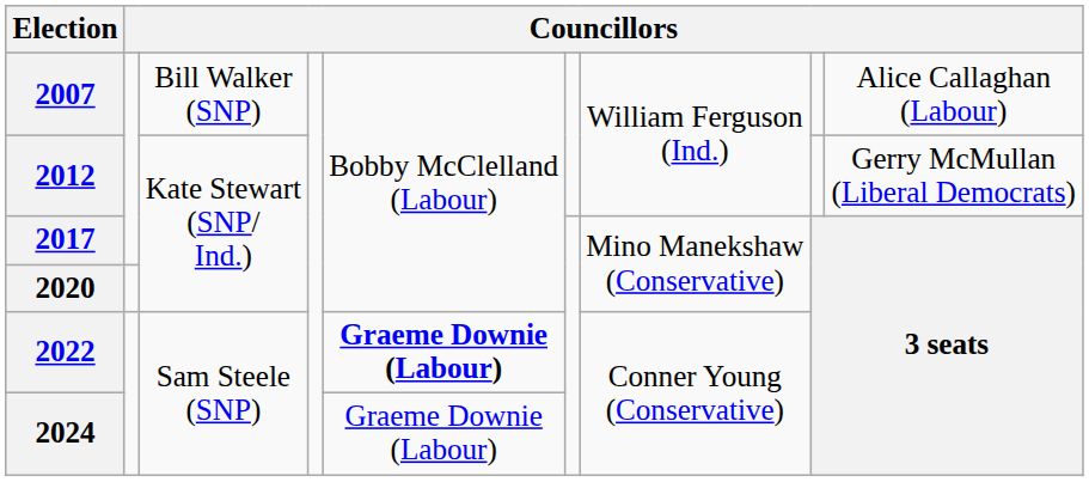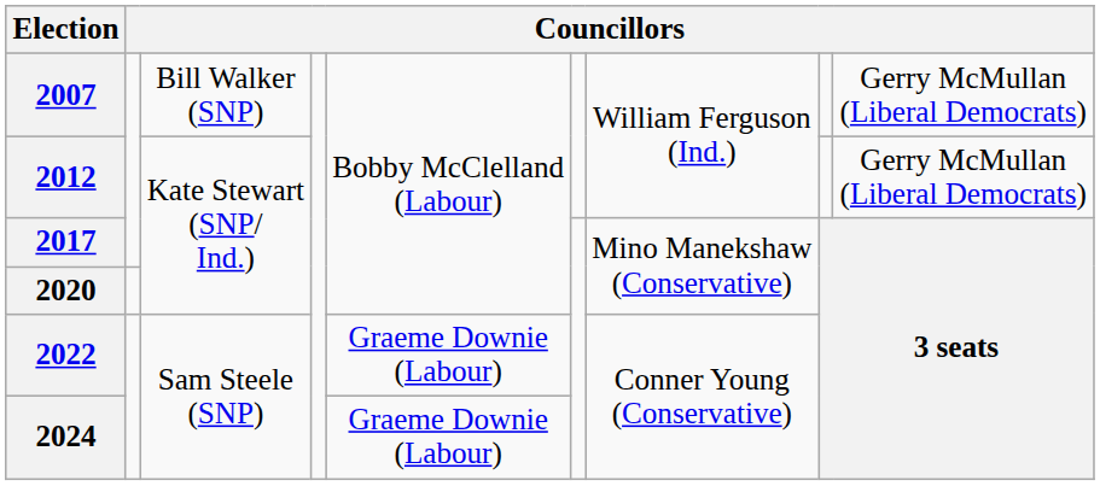 <table class="wikitable" style="text-align:center">
 <tr>
 <th>Election</th>
 <th colspan=8>Councillors</th>
 </tr>
 <tr>
 <th><a href='#'>2007</a></th>
 <td rowspan=3; style="background-color: "></td>
 <td rowspan=1>Bill Walker<br>(<a href='#'>SNP</a>)</td>
 <td rowspan=6; style="background-color: "></td>
 <td rowspan=4>Bobby McClelland<br>(<a href='#'>Labour</a>)</td>
 <td rowspan=2; style="background-color: "></td>
 <td rowspan=2>William Ferguson<br>(<a href='#'>Ind.</a>)</td>
 <td rowspan=1; style="background-color: "></td>
-<td rowspan=1>Alice Callaghan<br>(<a href='#'>Labour</a>)</td>
+<td rowspan=1>Gerry McMullan<br>(<a href='#'>Liberal Democrats</a>)</td>
 </tr>
 <tr>
 <th><a href='#'>2012</a></th>
 <td rowspan=3>Kate Stewart<br>(<a href='#'>SNP</a>/<br><a href='#'>Ind.</a>)</td>
 <td rowspan=1; style="background-color: "></td>
 <td rowspan=1>Gerry McMullan<br>(<a href='#'>Liberal Democrats</a>)</td>
 </tr>
 <tr>
 <th><a href='#'>2017</a></th>
 <td rowspan=4; style="background-color: "></td>
 <td rowspan=2>Mino Manekshaw<br>(<a href='#'>Conservative</a>)</td>
 <th colspan=2; rowspan=4>3 seats</th>
 </tr>
 <tr>
 <th>2020</th>
 <td rowspan=1; style="background-color: "></td>
 </tr>
 <tr>
 <th><a href='#'>2022</a></th>
 <td rowspan=2; style="background-color: "></td>
 <td rowspan=2>Sam Steele<br>(<a href='#'>SNP</a>)</td>
-<td rowspan=1><strong><a href='#'>Graeme Downie</a><br>(<a href='#'>Labour</a>)</strong></td>
+<td rowspan=1><a href='#'>Graeme Downie</a><br>(<a href='#'>Labour</a>)</td>
 <td rowspan=2>Conner Young<br>(<a href='#'>Conservative</a>)</td>
 </tr>
 <tr>
 <th>2024</th>
 <td rowspan=1><a href='#'>Graeme Downie</a><br>(<a href='#'>Labour</a>)</td>
 </tr>
 </table>
